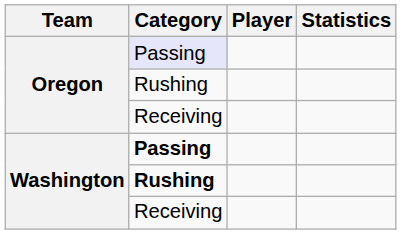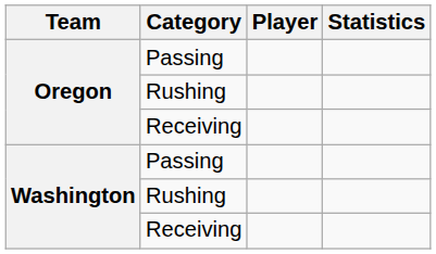 <table class="wikitable" style="float:right">
 <tr>
 <th>Team</th>
 <th>Category</th>
 <th>Player</th>
 <th>Statistics</th>
 </tr>
 <tr>
 <th rowspan=3>Oregon</th>
-<td style="background: lavender;">Passing</td>
+<td>Passing</td>
 <td></td>
 <td></td>
 </tr>
 <tr>
 <td>Rushing</td>
 <td></td>
 <td></td>
 </tr>
 <tr>
 <td>Receiving</td>
 <td></td>
 <td></td>
 </tr>
 <tr>
 <th rowspan=3>Washington</th>
-<td><strong>Passing</strong></td>
+<td>Passing</td>
 <td></td>
 <td></td>
 </tr>
 <tr>
-<td><strong>Rushing</strong></td>
+<td>Rushing</td>
 <td></td>
 <td></td>
 </tr>
 <tr>
 <td>Receiving</td>
 <td></td>
 <td></td>
 </tr>
 </table>
